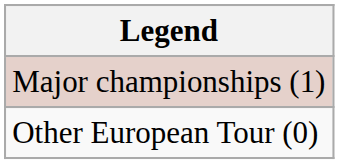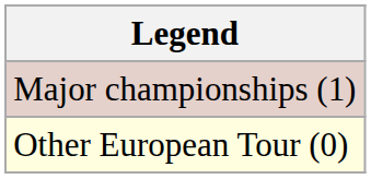 <table class="wikitable" style="font-size:95%;">
 <tr>
 <th>Legend</th>
 </tr>
 <tr style="background:#e5d1cb;">
 <td>Major championships (1)</td>
 </tr>
 <tr>
-<td>Other European Tour (0)</td>
+<td style="background: lightyellow;">Other European Tour (0)</td>
 </tr>
 </table>
